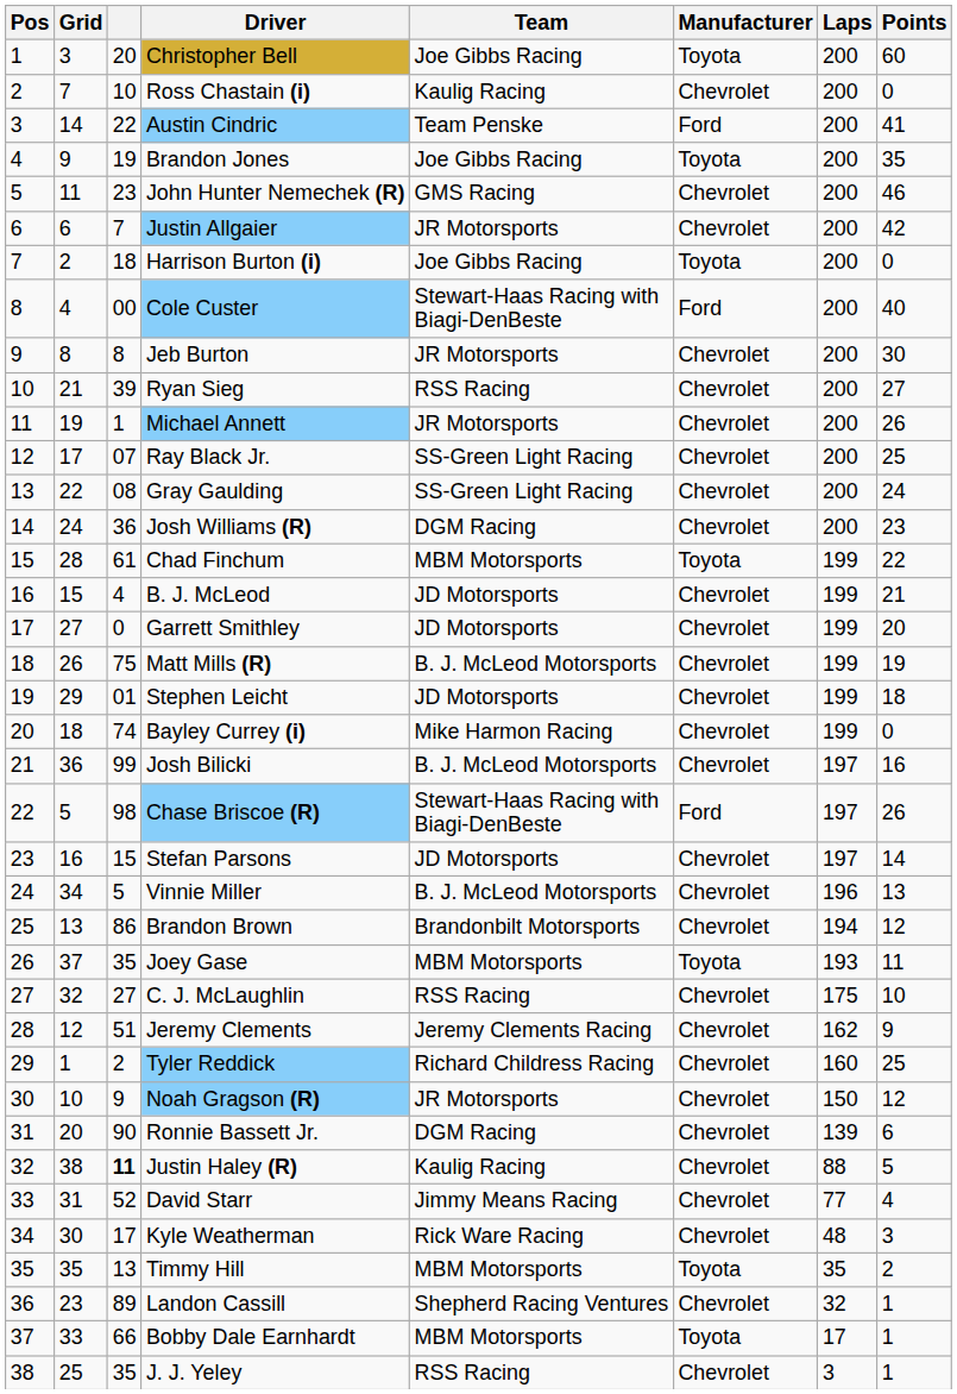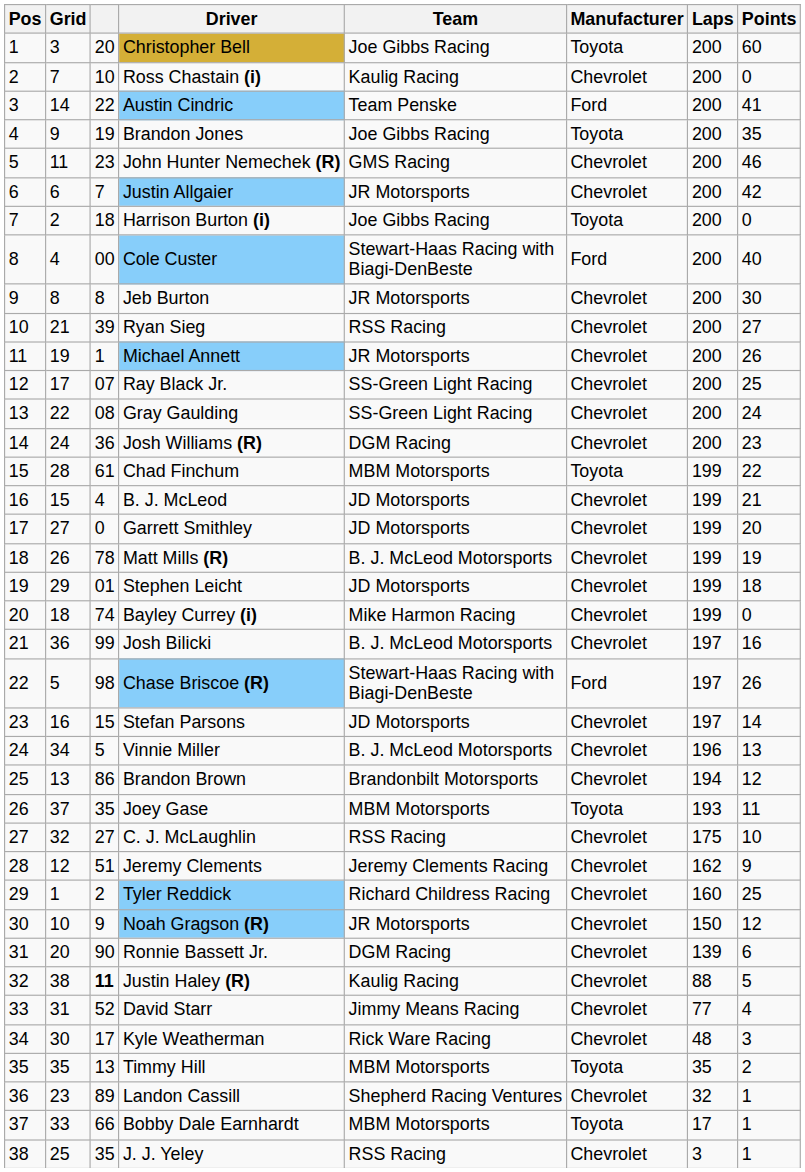 <table class="wikitable" style="font-size:98%">
 <tr>
 <th>Pos</th>
 <th>Grid</th>
 <th></th>
 <th>Driver</th>
 <th>Team</th>
 <th>Manufacturer</th>
 <th>Laps</th>
 <th>Points</th>
 </tr>
 <tr>
 <td>1</td>
 <td>3</td>
 <td>20</td>
 <td style="text-align:left;background:#D4AF37">Christopher Bell</td>
 <td>Joe Gibbs Racing</td>
 <td>Toyota</td>
 <td>200</td>
 <td>60</td>
 </tr>
 <tr>
 <td>2</td>
 <td>7</td>
 <td>10</td>
 <td>Ross Chastain <strong>(i)</strong></td>
 <td>Kaulig Racing</td>
 <td>Chevrolet</td>
 <td>200</td>
 <td>0</td>
 </tr>
 <tr>
 <td>3</td>
 <td>14</td>
 <td>22</td>
 <td style="text-align:left;background:#87CEFA">Austin Cindric</td>
 <td>Team Penske</td>
 <td>Ford</td>
 <td>200</td>
 <td>41</td>
 </tr>
 <tr>
 <td>4</td>
 <td>9</td>
 <td>19</td>
 <td>Brandon Jones</td>
 <td>Joe Gibbs Racing</td>
 <td>Toyota</td>
 <td>200</td>
 <td>35</td>
 </tr>
 <tr>
 <td>5</td>
 <td>11</td>
 <td>23</td>
 <td>John Hunter Nemechek <strong>(R)</strong></td>
 <td>GMS Racing</td>
 <td>Chevrolet</td>
 <td>200</td>
 <td>46</td>
 </tr>
 <tr>
 <td>6</td>
 <td>6</td>
 <td>7</td>
 <td style="text-align:left;background:#87CEFA">Justin Allgaier</td>
 <td>JR Motorsports</td>
 <td>Chevrolet</td>
 <td>200</td>
 <td>42</td>
 </tr>
 <tr>
 <td>7</td>
 <td>2</td>
 <td>18</td>
 <td>Harrison Burton <strong>(i)</strong></td>
 <td>Joe Gibbs Racing</td>
 <td>Toyota</td>
 <td>200</td>
 <td>0</td>
 </tr>
 <tr>
 <td>8</td>
 <td>4</td>
 <td>00</td>
 <td style="text-align:left;background:#87CEFA">Cole Custer</td>
 <td>Stewart-Haas Racing with<br>Biagi-DenBeste</td>
 <td>Ford</td>
 <td>200</td>
 <td>40</td>
 </tr>
 <tr>
 <td>9</td>
 <td>8</td>
 <td>8</td>
 <td>Jeb Burton</td>
 <td>JR Motorsports</td>
 <td>Chevrolet</td>
 <td>200</td>
 <td>30</td>
 </tr>
 <tr>
 <td>10</td>
 <td>21</td>
 <td>39</td>
 <td>Ryan Sieg</td>
 <td>RSS Racing</td>
 <td>Chevrolet</td>
 <td>200</td>
 <td>27</td>
 </tr>
 <tr>
 <td>11</td>
 <td>19</td>
 <td>1</td>
 <td style="text-align:left;background:#87CEFA">Michael Annett</td>
 <td>JR Motorsports</td>
 <td>Chevrolet</td>
 <td>200</td>
 <td>26</td>
 </tr>
 <tr>
 <td>12</td>
 <td>17</td>
 <td>07</td>
 <td>Ray Black Jr.</td>
 <td>SS-Green Light Racing</td>
 <td>Chevrolet</td>
 <td>200</td>
 <td>25</td>
 </tr>
 <tr>
 <td>13</td>
 <td>22</td>
 <td>08</td>
 <td>Gray Gaulding</td>
 <td>SS-Green Light Racing</td>
 <td>Chevrolet</td>
 <td>200</td>
 <td>24</td>
 </tr>
 <tr>
 <td>14</td>
 <td>24</td>
 <td>36</td>
 <td>Josh Williams <strong>(R)</strong></td>
 <td>DGM Racing</td>
 <td>Chevrolet</td>
 <td>200</td>
 <td>23</td>
 </tr>
 <tr>
 <td>15</td>
 <td>28</td>
 <td>61</td>
 <td>Chad Finchum</td>
 <td>MBM Motorsports</td>
 <td>Toyota</td>
 <td>199</td>
 <td>22</td>
 </tr>
 <tr>
 <td>16</td>
 <td>15</td>
 <td>4</td>
 <td>B. J. McLeod</td>
 <td>JD Motorsports</td>
 <td>Chevrolet</td>
 <td>199</td>
 <td>21</td>
 </tr>
 <tr>
 <td>17</td>
 <td>27</td>
 <td>0</td>
 <td>Garrett Smithley</td>
 <td>JD Motorsports</td>
 <td>Chevrolet</td>
 <td>199</td>
 <td>20</td>
 </tr>
 <tr>
 <td>18</td>
 <td>26</td>
-<td>75</td>
+<td>78</td>
 <td>Matt Mills <strong>(R)</strong></td>
 <td>B. J. McLeod Motorsports</td>
 <td>Chevrolet</td>
 <td>199</td>
 <td>19</td>
 </tr>
 <tr>
 <td>19</td>
 <td>29</td>
 <td>01</td>
 <td>Stephen Leicht</td>
 <td>JD Motorsports</td>
 <td>Chevrolet</td>
 <td>199</td>
 <td>18</td>
 </tr>
 <tr>
 <td>20</td>
 <td>18</td>
 <td>74</td>
 <td>Bayley Currey <strong>(i)</strong></td>
 <td>Mike Harmon Racing</td>
 <td>Chevrolet</td>
 <td>199</td>
 <td>0</td>
 </tr>
 <tr>
 <td>21</td>
 <td>36</td>
 <td>99</td>
 <td>Josh Bilicki</td>
 <td>B. J. McLeod Motorsports</td>
 <td>Chevrolet</td>
 <td>197</td>
 <td>16</td>
 </tr>
 <tr>
 <td>22</td>
 <td>5</td>
 <td>98</td>
 <td style="text-align:left;background:#87CEFA">Chase Briscoe <strong>(R)</strong></td>
 <td>Stewart-Haas Racing with<br>Biagi-DenBeste</td>
 <td>Ford</td>
 <td>197</td>
 <td>26</td>
 </tr>
 <tr>
 <td>23</td>
 <td>16</td>
 <td>15</td>
 <td>Stefan Parsons</td>
 <td>JD Motorsports</td>
 <td>Chevrolet</td>
 <td>197</td>
 <td>14</td>
 </tr>
 <tr>
 <td>24</td>
 <td>34</td>
 <td>5</td>
 <td>Vinnie Miller</td>
 <td>B. J. McLeod Motorsports</td>
 <td>Chevrolet</td>
 <td>196</td>
 <td>13</td>
 </tr>
 <tr>
 <td>25</td>
 <td>13</td>
 <td>86</td>
 <td>Brandon Brown</td>
 <td>Brandonbilt Motorsports</td>
 <td>Chevrolet</td>
 <td>194</td>
 <td>12</td>
 </tr>
 <tr>
 <td>26</td>
 <td>37</td>
 <td>35</td>
 <td>Joey Gase</td>
 <td>MBM Motorsports</td>
 <td>Toyota</td>
 <td>193</td>
 <td>11</td>
 </tr>
 <tr>
 <td>27</td>
 <td>32</td>
 <td>27</td>
 <td>C. J. McLaughlin</td>
 <td>RSS Racing</td>
 <td>Chevrolet</td>
 <td>175</td>
 <td>10</td>
 </tr>
 <tr>
 <td>28</td>
 <td>12</td>
 <td>51</td>
 <td>Jeremy Clements</td>
 <td>Jeremy Clements Racing</td>
 <td>Chevrolet</td>
 <td>162</td>
 <td>9</td>
 </tr>
 <tr>
 <td>29</td>
 <td>1</td>
 <td>2</td>
 <td style="text-align:left;background:#87CEFA">Tyler Reddick</td>
 <td>Richard Childress Racing</td>
 <td>Chevrolet</td>
 <td>160</td>
 <td>25</td>
 </tr>
 <tr>
 <td>30</td>
 <td>10</td>
 <td>9</td>
 <td style="text-align:left;background:#87CEFA">Noah Gragson <strong>(R)</strong></td>
 <td>JR Motorsports</td>
 <td>Chevrolet</td>
 <td>150</td>
 <td>12</td>
 </tr>
 <tr>
 <td>31</td>
 <td>20</td>
 <td>90</td>
 <td>Ronnie Bassett Jr.</td>
 <td>DGM Racing</td>
 <td>Chevrolet</td>
 <td>139</td>
 <td>6</td>
 </tr>
 <tr>
 <td>32</td>
 <td>38</td>
 <td><strong>11</strong></td>
 <td>Justin Haley <strong>(R)</strong></td>
 <td>Kaulig Racing</td>
 <td>Chevrolet</td>
 <td>88</td>
 <td>5</td>
 </tr>
 <tr>
 <td>33</td>
 <td>31</td>
 <td>52</td>
 <td>David Starr</td>
 <td>Jimmy Means Racing</td>
 <td>Chevrolet</td>
 <td>77</td>
 <td>4</td>
 </tr>
 <tr>
 <td>34</td>
 <td>30</td>
 <td>17</td>
 <td>Kyle Weatherman</td>
 <td>Rick Ware Racing</td>
 <td>Chevrolet</td>
 <td>48</td>
 <td>3</td>
 </tr>
 <tr>
 <td>35</td>
 <td>35</td>
 <td>13</td>
 <td>Timmy Hill</td>
 <td>MBM Motorsports</td>
 <td>Toyota</td>
 <td>35</td>
 <td>2</td>
 </tr>
 <tr>
 <td>36</td>
 <td>23</td>
 <td>89</td>
 <td>Landon Cassill</td>
 <td>Shepherd Racing Ventures</td>
 <td>Chevrolet</td>
 <td>32</td>
 <td>1</td>
 </tr>
 <tr>
 <td>37</td>
 <td>33</td>
 <td>66</td>
 <td>Bobby Dale Earnhardt</td>
 <td>MBM Motorsports</td>
 <td>Toyota</td>
 <td>17</td>
 <td>1</td>
 </tr>
 <tr>
 <td>38</td>
 <td>25</td>
 <td>35</td>
 <td>J. J. Yeley</td>
 <td>RSS Racing</td>
 <td>Chevrolet</td>
 <td>3</td>
 <td>1</td>
 </tr>
 <tr>
 </tr>
 </table>
